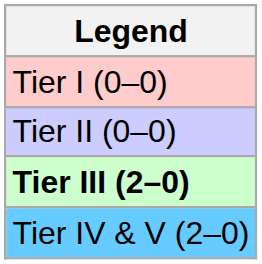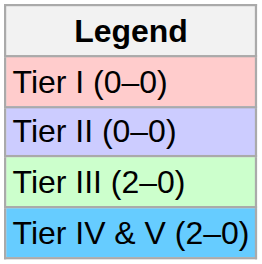 <table class="wikitable" style="font-size:90%;">
 <tr>
 <th>Legend</th>
 </tr>
 <tr style="background:#fcc;">
 <td>Tier I (0–0)</td>
 </tr>
 <tr style="background:#ccf;">
 <td>Tier II (0–0)</td>
 </tr>
 <tr style="background:#cfc;">
-<td><strong>Tier III (2–0)</strong></td>
+<td>Tier III (2–0)</td>
 </tr>
 <tr style="background:#6cf;">
 <td>Tier IV & V (2–0)</td>
 </tr>
 </table>
